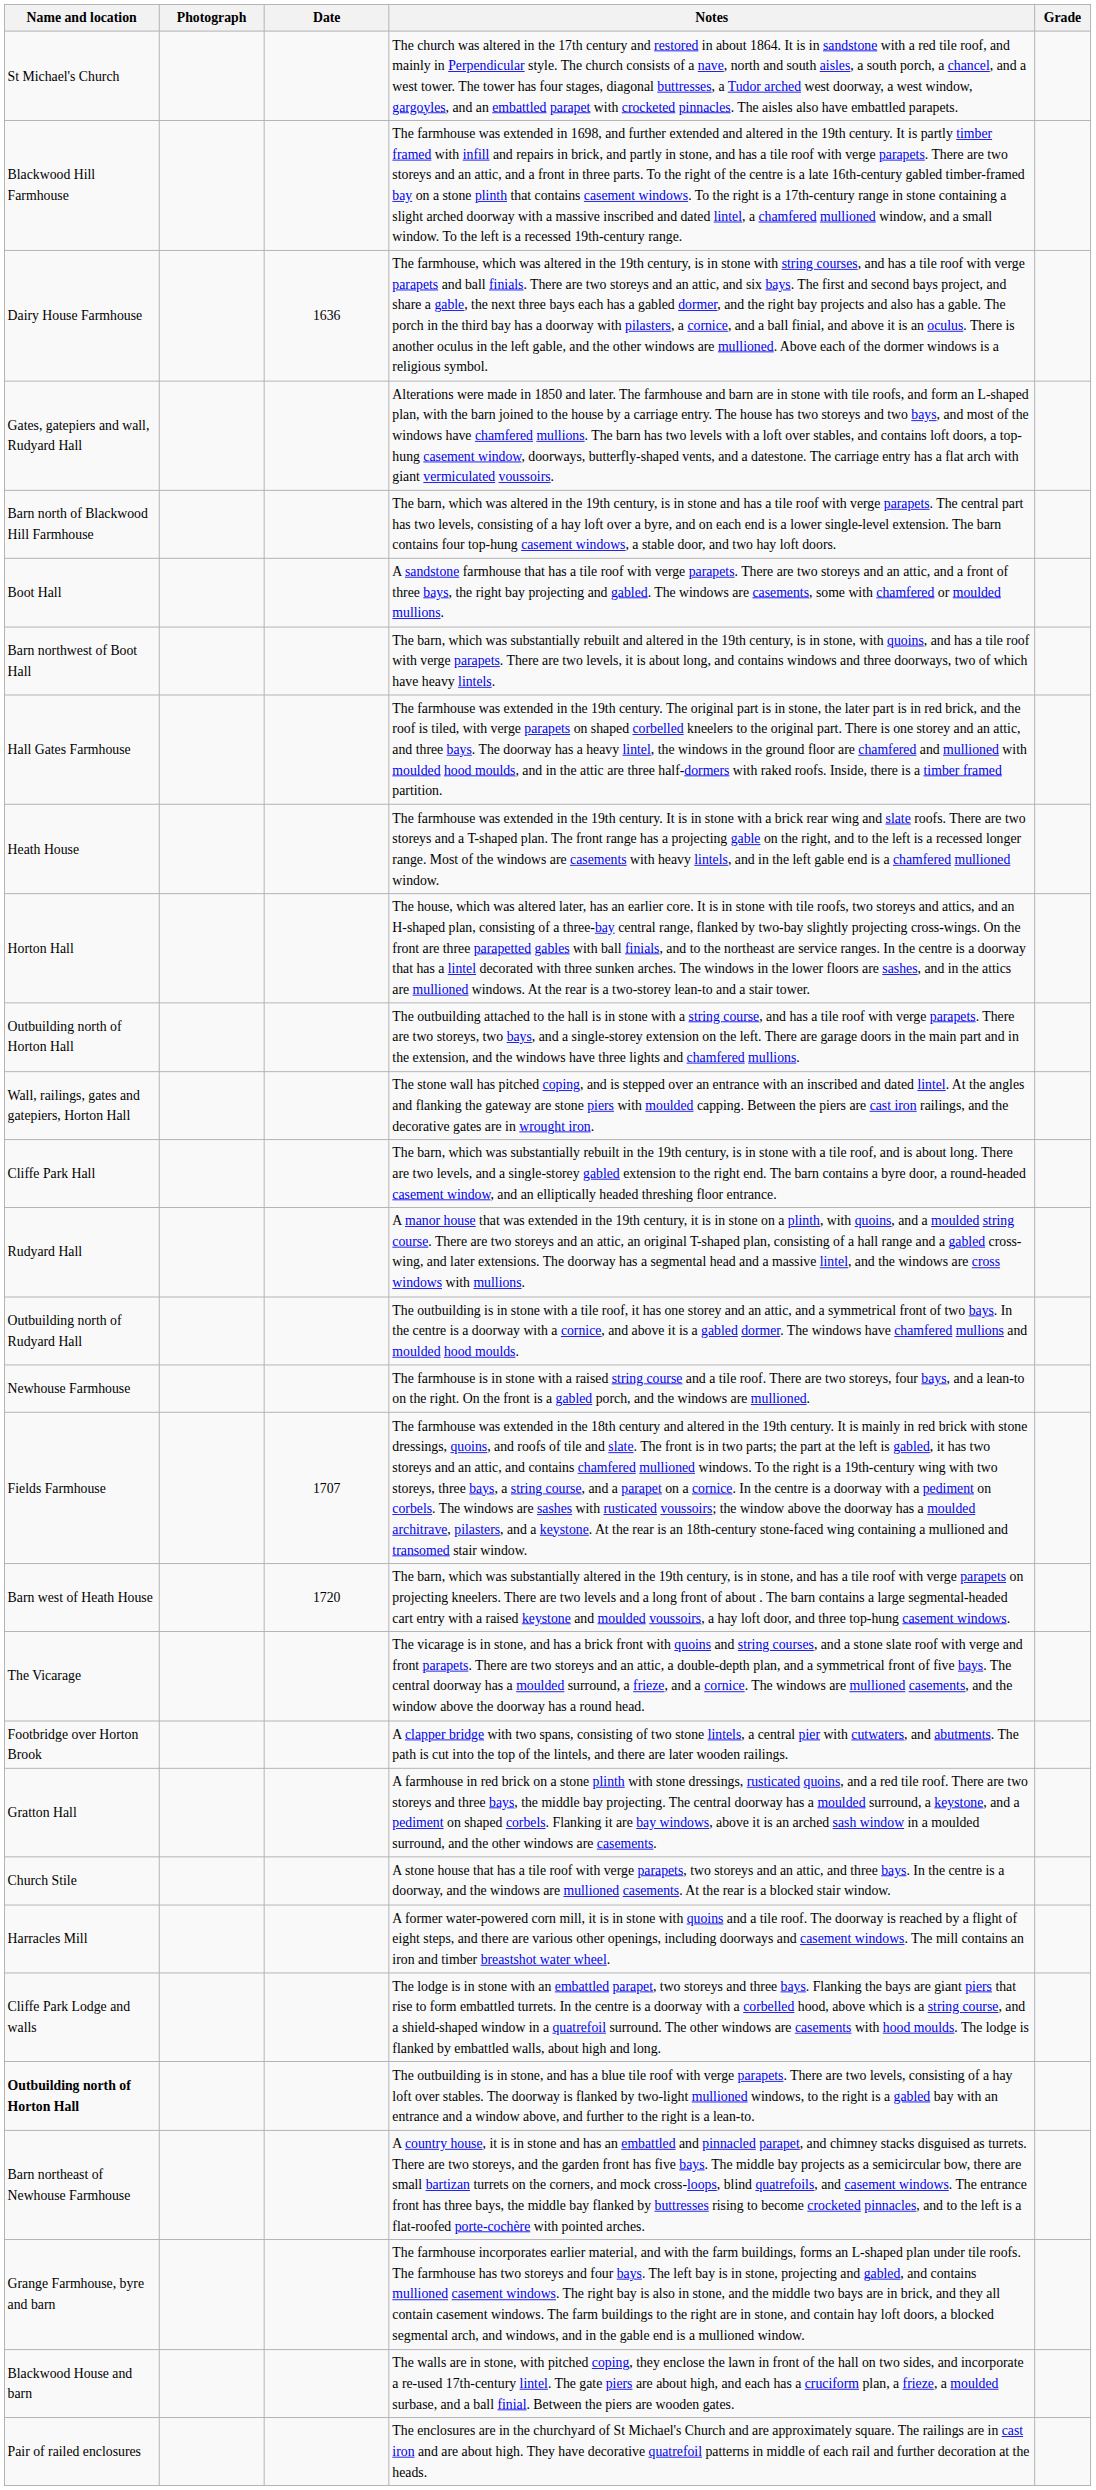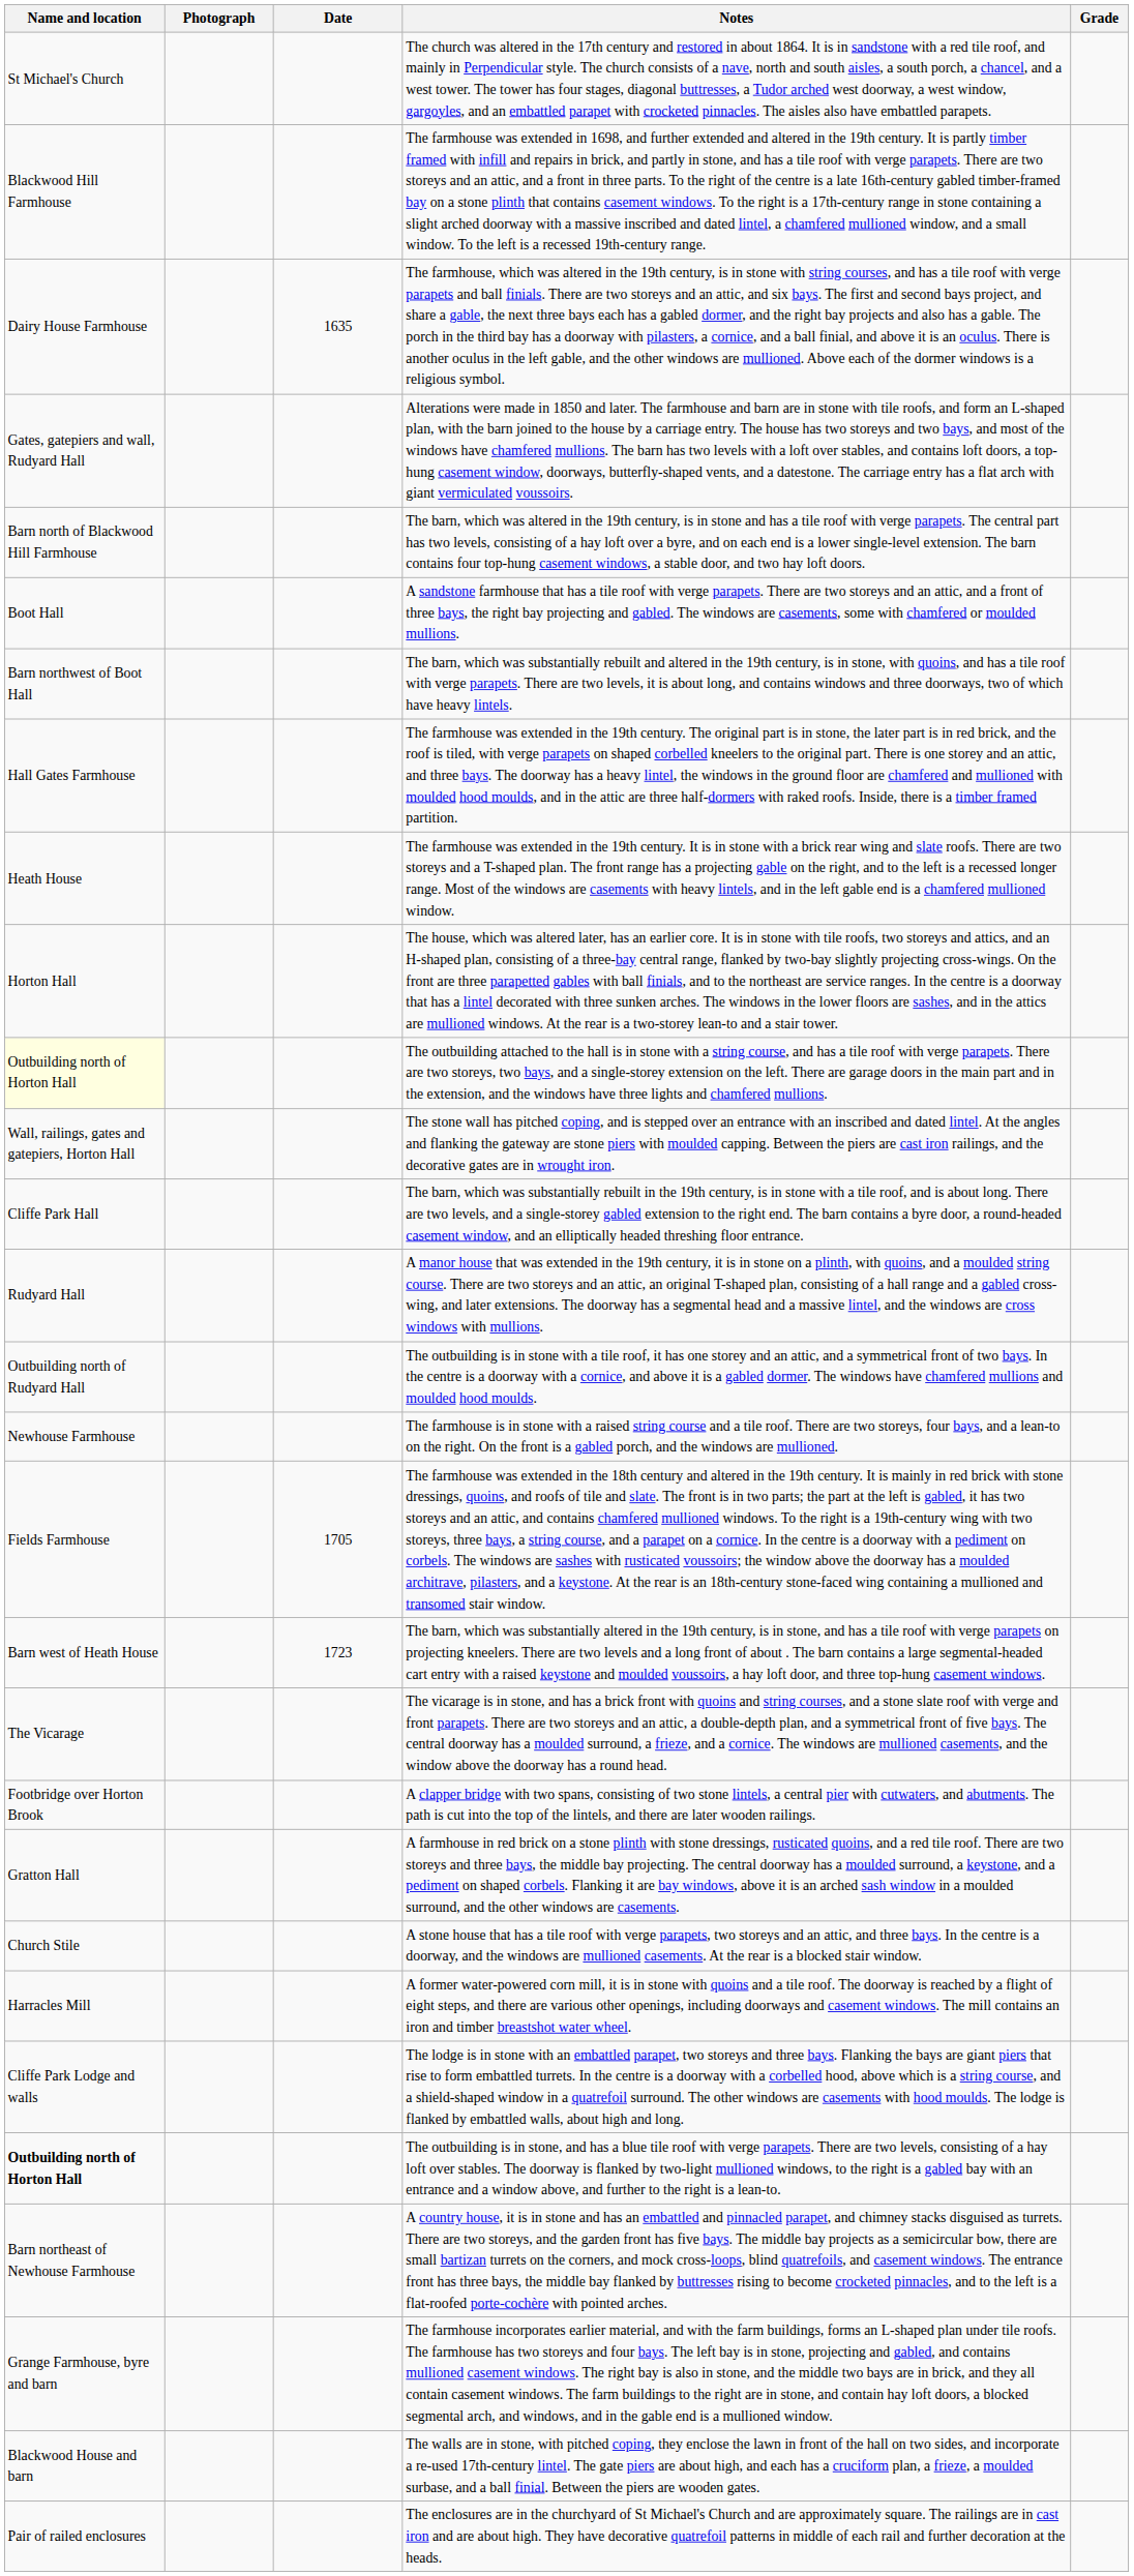 <table class="wikitable sortable plainrowheaders" style="width:100%; border:0; text-align:left; line-height:150%;">
 <tr>
 <th scope="col"  style="width:150px">Name and location</th>
 <th scope="col"  style="width:100px" class="unsortable">Photograph</th>
 <th scope="col"  style="width:120px">Date</th>
 <th scope="col"  style="width:650px" class="unsortable">Notes</th>
 <th scope="col"  style="width:50px">Grade</th>
 </tr>
 <tr>
 <td>St Michael's Church<br><small></small></td>
 <td></td>
 <td align="center"></td>
 <td>The church was altered in the 17th century and <a href='#'>restored</a> in about 1864.  It is in <a href='#'>sandstone</a> with a red tile roof, and mainly in <a href='#'>Perpendicular</a> style.  The church consists of a <a href='#'>nave</a>, north and south <a href='#'>aisles</a>, a south porch, a <a href='#'>chancel</a>, and a west tower.  The tower has four stages, diagonal <a href='#'>buttresses</a>, a <a href='#'>Tudor arched</a> west doorway, a west window, <a href='#'>gargoyles</a>, and an <a href='#'>embattled</a> <a href='#'>parapet</a> with <a href='#'>crocketed</a> <a href='#'>pinnacles</a>.  The aisles also have embattled parapets.</td>
 <td align="center" ></td>
 </tr>
 <tr>
 <td>Blackwood Hill Farmhouse<br><small></small></td>
 <td></td>
 <td align="center"></td>
 <td>The farmhouse was extended in 1698, and further extended and altered in the 19th century.  It is partly <a href='#'>timber framed</a> with <a href='#'>infill</a> and repairs in brick, and partly in stone, and has a tile roof with verge <a href='#'>parapets</a>.  There are two storeys and an attic, and a front in three parts.  To the right of the centre is a late 16th-century gabled timber-framed <a href='#'>bay</a> on a stone <a href='#'>plinth</a> that contains <a href='#'>casement windows</a>.  To the right is a 17th-century range in stone containing a slight arched doorway with a massive inscribed and dated <a href='#'>lintel</a>, a <a href='#'>chamfered</a> <a href='#'>mullioned</a> window, and a small window.  To the left is a recessed 19th-century range.</td>
 <td align="center" ></td>
 </tr>
 <tr>
 <td>Dairy House Farmhouse<br><small></small></td>
 <td></td>
-<td align="center">1636</td>
+<td align="center">1635</td>
 <td>The farmhouse, which was altered in the 19th century, is in stone with <a href='#'>string courses</a>, and has a tile roof with verge <a href='#'>parapets</a> and ball <a href='#'>finials</a>.  There are two storeys and an attic, and six <a href='#'>bays</a>.  The first and second bays project, and share a <a href='#'>gable</a>, the next three bays each has a gabled <a href='#'>dormer</a>, and the right bay projects and also has a gable.  The porch in the third bay has a doorway with <a href='#'>pilasters</a>, a <a href='#'>cornice</a>, and a ball finial, and above it is an <a href='#'>oculus</a>.  There is another oculus in the left gable, and the other windows are <a href='#'>mullioned</a>.  Above each of the dormer windows is a religious symbol.</td>
 <td align="center" ></td>
 </tr>
 <tr>
 <td>Gates, gatepiers and wall, Rudyard Hall<br><small></small></td>
 <td></td>
 <td align="center"></td>
 <td>Alterations were made in 1850 and later.  The farmhouse and barn are in stone with tile roofs, and form an L-shaped plan, with the barn joined to the house by a carriage entry.  The house has two storeys and two <a href='#'>bays</a>, and most of the windows have <a href='#'>chamfered</a> <a href='#'>mullions</a>.  The barn has two levels with a loft over stables, and contains loft doors, a top-hung <a href='#'>casement window</a>, doorways, butterfly-shaped vents, and a datestone.  The carriage entry has a flat arch with giant <a href='#'>vermiculated</a> <a href='#'>voussoirs</a>.</td>
 <td align="center" ></td>
 </tr>
 <tr>
 <td>Barn north of Blackwood Hill Farmhouse<br><small></small></td>
 <td></td>
 <td align="center"></td>
 <td>The barn, which was altered in the 19th century, is in stone and has a tile roof with verge <a href='#'>parapets</a>.  The central part has two levels, consisting of a hay loft over a byre, and on each end is a lower single-level extension.  The barn contains four top-hung <a href='#'>casement windows</a>, a stable door, and two hay loft doors.</td>
 <td align="center" ></td>
 </tr>
 <tr>
 <td>Boot Hall<br><small></small></td>
 <td></td>
 <td align="center"></td>
 <td>A <a href='#'>sandstone</a> farmhouse that has a tile roof with verge <a href='#'>parapets</a>.  There are two storeys and an attic, and a front of three <a href='#'>bays</a>, the right bay projecting and <a href='#'>gabled</a>.  The windows are <a href='#'>casements</a>, some with <a href='#'>chamfered</a> or <a href='#'>moulded</a> <a href='#'>mullions</a>.</td>
 <td align="center" ></td>
 </tr>
 <tr>
 <td>Barn northwest of Boot Hall<br><small></small></td>
 <td></td>
 <td align="center"></td>
 <td>The barn, which was substantially rebuilt and altered in the 19th century, is in stone, with <a href='#'>quoins</a>, and has a tile roof with verge <a href='#'>parapets</a>.  There are two levels, it is about  long, and contains windows and three doorways, two of which have heavy <a href='#'>lintels</a>.</td>
 <td align="center" ></td>
 </tr>
 <tr>
 <td>Hall Gates Farmhouse<br><small></small></td>
 <td></td>
 <td align="center"></td>
 <td>The farmhouse was extended in the 19th century.  The original part is in stone, the later part is in red brick, and the roof is tiled, with verge <a href='#'>parapets</a> on shaped <a href='#'>corbelled</a> kneelers to the original part.  There is one storey and an attic, and three <a href='#'>bays</a>.  The doorway has a heavy <a href='#'>lintel</a>, the windows in the ground floor are <a href='#'>chamfered</a> and <a href='#'>mullioned</a> with <a href='#'>moulded</a> <a href='#'>hood moulds</a>, and in the attic are three half-<a href='#'>dormers</a> with raked roofs.  Inside, there is a <a href='#'>timber framed</a> partition.</td>
 <td align="center" ></td>
 </tr>
 <tr>
 <td>Heath House<br><small></small></td>
 <td></td>
 <td align="center"></td>
 <td>The farmhouse was extended in the 19th century.  It is in stone with a brick rear wing and <a href='#'>slate</a> roofs.  There are two storeys and a T-shaped plan.  The front range has a projecting <a href='#'>gable</a> on the right, and to the left is a recessed longer range.  Most of the windows are <a href='#'>casements</a> with heavy <a href='#'>lintels</a>, and in the left gable end is a <a href='#'>chamfered</a> <a href='#'>mullioned</a> window.</td>
 <td align="center" ></td>
 </tr>
 <tr>
 <td>Horton Hall<br><small></small></td>
 <td></td>
 <td align="center"></td>
 <td>The house, which was altered later, has an earlier core.  It is in stone with tile roofs, two storeys and attics, and an H-shaped plan, consisting of a three-<a href='#'>bay</a> central range, flanked by two-bay slightly projecting cross-wings.  On the front are three <a href='#'>parapetted</a> <a href='#'>gables</a> with ball <a href='#'>finials</a>, and to the northeast are service ranges.  In the centre is a doorway that has a <a href='#'>lintel</a> decorated with three sunken arches.  The windows in the lower floors are <a href='#'>sashes</a>, and in the attics are <a href='#'>mullioned</a> windows.  At the rear is a two-storey lean-to and a stair tower.</td>
 <td align="center" ></td>
 </tr>
 <tr>
-<td>Outbuilding north of Horton Hall<br><small></small></td>
+<td style="background: lightyellow;">Outbuilding north of Horton Hall<br><small></small></td>
 <td></td>
 <td align="center"></td>
 <td>The outbuilding attached to the hall is in stone with a <a href='#'>string course</a>, and has a tile roof with verge <a href='#'>parapets</a>.  There are two storeys, two <a href='#'>bays</a>, and a single-storey extension on the left.  There are garage doors in the main part and in the extension, and the windows have three lights and <a href='#'>chamfered</a> <a href='#'>mullions</a>.</td>
 <td align="center" ></td>
 </tr>
 <tr>
 <td>Wall, railings, gates and gatepiers, Horton Hall<br><small></small></td>
 <td></td>
 <td align="center"></td>
 <td>The stone wall has pitched <a href='#'>coping</a>, and is stepped over an entrance with an inscribed and dated <a href='#'>lintel</a>.  At the angles and flanking the gateway are stone <a href='#'>piers</a> with <a href='#'>moulded</a> capping.  Between the piers are <a href='#'>cast iron</a> railings, and the decorative gates are in <a href='#'>wrought iron</a>.</td>
 <td align="center" ></td>
 </tr>
 <tr>
 <td>Cliffe Park Hall<br><small></small></td>
 <td></td>
 <td align="center"></td>
 <td>The barn, which was substantially rebuilt in the 19th century, is in stone with a tile roof, and is about  long.  There are two levels, and a single-storey <a href='#'>gabled</a> extension to the right end.  The barn contains a byre door, a round-headed <a href='#'>casement window</a>, and an elliptically headed threshing floor entrance.</td>
 <td align="center" ></td>
 </tr>
 <tr>
 <td>Rudyard Hall<br><small></small></td>
 <td></td>
 <td align="center"></td>
 <td>A <a href='#'>manor house</a> that was extended in the 19th century, it is in stone on a <a href='#'>plinth</a>, with <a href='#'>quoins</a>, and a <a href='#'>moulded</a> <a href='#'>string course</a>.  There are two storeys and an attic, an original T-shaped plan, consisting of a hall range and a <a href='#'>gabled</a> cross-wing, and later extensions.  The doorway has a segmental head and a massive <a href='#'>lintel</a>, and the windows are <a href='#'>cross windows</a> with <a href='#'>mullions</a>.</td>
 <td align="center" ></td>
 </tr>
 <tr>
 <td>Outbuilding north of Rudyard Hall<br><small></small></td>
 <td></td>
 <td align="center"></td>
 <td>The outbuilding is in stone with a tile roof, it has one storey and an attic, and a symmetrical front of two <a href='#'>bays</a>.  In the centre is a doorway with a <a href='#'>cornice</a>, and above it is a <a href='#'>gabled</a> <a href='#'>dormer</a>.  The windows have <a href='#'>chamfered</a> <a href='#'>mullions</a> and <a href='#'>moulded</a> <a href='#'>hood moulds</a>.</td>
 <td align="center" ></td>
 </tr>
 <tr>
 <td>Newhouse Farmhouse<br><small></small></td>
 <td></td>
 <td align="center"></td>
 <td>The farmhouse is in stone with a raised <a href='#'>string course</a> and a tile roof.  There are two storeys, four <a href='#'>bays</a>, and a lean-to on the right.  On the front is a <a href='#'>gabled</a> porch, and the windows are <a href='#'>mullioned</a>.</td>
 <td align="center" ></td>
 </tr>
 <tr>
 <td>Fields Farmhouse<br><small></small></td>
 <td></td>
-<td align="center">1707</td>
+<td align="center">1705</td>
 <td>The farmhouse was extended in the 18th century and altered in the 19th century.  It is mainly in red brick with stone dressings, <a href='#'>quoins</a>, and roofs of tile and <a href='#'>slate</a>.  The front is in two parts; the part at the left is <a href='#'>gabled</a>, it has two storeys and an attic, and contains <a href='#'>chamfered</a> <a href='#'>mullioned</a> windows.  To the right is a 19th-century wing with two storeys, three <a href='#'>bays</a>, a <a href='#'>string course</a>, and a <a href='#'>parapet</a> on a <a href='#'>cornice</a>.  In the centre is a doorway with a <a href='#'>pediment</a> on <a href='#'>corbels</a>.  The windows are <a href='#'>sashes</a> with <a href='#'>rusticated</a> <a href='#'>voussoirs</a>; the window above the doorway has a <a href='#'>moulded</a> <a href='#'>architrave</a>, <a href='#'>pilasters</a>, and a <a href='#'>keystone</a>.  At the rear is an 18th-century stone-faced wing containing a mullioned and <a href='#'>transomed</a> stair window.</td>
 <td align="center" ></td>
 </tr>
 <tr>
 <td>Barn west of Heath House<br><small></small></td>
 <td></td>
-<td align="center">1720</td>
+<td align="center">1723</td>
 <td>The barn, which was substantially altered in the 19th century, is in stone, and has a tile roof with verge <a href='#'>parapets</a> on projecting kneelers.  There are two levels and a long front of about .    The barn contains a large segmental-headed cart entry with a raised <a href='#'>keystone</a> and <a href='#'>moulded</a> <a href='#'>voussoirs</a>, a hay loft door, and three top-hung <a href='#'>casement windows</a>.</td>
 <td align="center" ></td>
 </tr>
 <tr>
 <td>The Vicarage<br><small></small></td>
 <td></td>
 <td align="center"></td>
 <td>The vicarage is in stone, and has a brick front with <a href='#'>quoins</a> and <a href='#'>string courses</a>, and a stone slate roof with verge and front <a href='#'>parapets</a>.  There are two storeys and an attic, a double-depth plan, and a symmetrical front of five <a href='#'>bays</a>.  The central doorway has a <a href='#'>moulded</a> surround, a <a href='#'>frieze</a>, and a <a href='#'>cornice</a>.  The windows are <a href='#'>mullioned</a> <a href='#'>casements</a>, and the window above the doorway has a round head.</td>
 <td align="center" ></td>
 </tr>
 <tr>
 <td>Footbridge over Horton Brook<br><small></small></td>
 <td></td>
 <td align="center"></td>
 <td>A <a href='#'>clapper bridge</a> with two spans, consisting of two stone <a href='#'>lintels</a>, a central <a href='#'>pier</a> with <a href='#'>cutwaters</a>, and <a href='#'>abutments</a>.  The path is cut into the top of the lintels, and there are later wooden railings.</td>
 <td align="center" ></td>
 </tr>
 <tr>
 <td>Gratton Hall<br><small></small></td>
 <td></td>
 <td align="center"></td>
 <td>A farmhouse in red brick on a stone <a href='#'>plinth</a> with stone dressings, <a href='#'>rusticated</a> <a href='#'>quoins</a>, and a red tile roof.  There are two storeys and three <a href='#'>bays</a>, the middle bay projecting.  The central doorway has a <a href='#'>moulded</a> surround, a <a href='#'>keystone</a>, and a <a href='#'>pediment</a> on shaped <a href='#'>corbels</a>.  Flanking it are <a href='#'>bay windows</a>, above it is an arched <a href='#'>sash window</a> in a moulded surround, and the other windows are <a href='#'>casements</a>.</td>
 <td align="center" ></td>
 </tr>
 <tr>
 <td>Church Stile<br><small></small></td>
 <td></td>
 <td align="center"></td>
 <td>A stone house that has a tile roof with verge <a href='#'>parapets</a>, two storeys and an attic, and three <a href='#'>bays</a>.  In the centre is a doorway, and the windows are <a href='#'>mullioned</a> <a href='#'>casements</a>.  At the rear is a blocked stair window.</td>
 <td align="center" ></td>
 </tr>
 <tr>
 <td>Harracles Mill<br><small></small></td>
 <td></td>
 <td align="center"></td>
 <td>A former water-powered corn mill, it is in stone with <a href='#'>quoins</a> and a tile roof.  The doorway is reached by a flight of eight steps, and there are various other openings, including doorways and <a href='#'>casement windows</a>.  The mill contains an iron and timber <a href='#'>breastshot water wheel</a>.</td>
 <td align="center" ></td>
 </tr>
 <tr>
 <td>Cliffe Park Lodge and walls<br><small></small></td>
 <td></td>
 <td align="center"></td>
 <td>The lodge is in stone with an <a href='#'>embattled</a> <a href='#'>parapet</a>, two storeys and three <a href='#'>bays</a>.  Flanking the bays are giant <a href='#'>piers</a> that rise to form embattled turrets.  In the centre is a doorway with a <a href='#'>corbelled</a> hood, above which is a <a href='#'>string course</a>, and a shield-shaped window in a <a href='#'>quatrefoil</a> surround.  The other windows are <a href='#'>casements</a> with <a href='#'>hood moulds</a>.  The lodge is flanked by embattled walls, about  high and  long.</td>
 <td align="center" ></td>
 </tr>
 <tr>
 <td><strong>Outbuilding north of Horton Hall<br><small></small></strong></td>
 <td></td>
 <td align="center"></td>
 <td>The outbuilding is in stone, and has a blue tile roof with verge <a href='#'>parapets</a>.  There are two levels, consisting of a hay loft over stables.  The doorway is flanked by two-light <a href='#'>mullioned</a> windows, to the right is a <a href='#'>gabled</a> bay with an entrance and a window above, and further to the right is a lean-to.</td>
 <td align="center" ></td>
 </tr>
 <tr>
 <td>Barn northeast of Newhouse Farmhouse<br><small></small></td>
 <td></td>
 <td align="center"></td>
 <td>A <a href='#'>country house</a>, it is in stone and has an <a href='#'>embattled</a> and <a href='#'>pinnacled</a> <a href='#'>parapet</a>, and chimney stacks disguised as turrets.  There are two storeys, and the garden front has five <a href='#'>bays</a>.  The middle bay projects as a semicircular bow, there are small <a href='#'>bartizan</a> turrets on the corners, and mock cross-<a href='#'>loops</a>, blind <a href='#'>quatrefoils</a>, and <a href='#'>casement windows</a>.  The entrance front has three bays, the middle bay flanked by <a href='#'>buttresses</a> rising to become <a href='#'>crocketed</a> <a href='#'>pinnacles</a>, and to the left is a flat-roofed <a href='#'>porte-cochère</a> with pointed arches.</td>
 <td align="center" ></td>
 </tr>
 <tr>
 <td>Grange Farmhouse, byre and barn<br><small></small></td>
 <td></td>
 <td align="center"></td>
 <td>The farmhouse incorporates earlier material, and with the farm buildings, forms an L-shaped plan under tile roofs.  The farmhouse has two storeys and four <a href='#'>bays</a>.  The left bay is in stone, projecting and <a href='#'>gabled</a>, and contains <a href='#'>mullioned</a> <a href='#'>casement windows</a>.  The right bay is also in stone, and the middle two bays are in brick, and they all contain casement windows.  The farm buildings to the right are in stone, and contain hay loft doors, a blocked segmental arch, and windows, and in the gable end is a mullioned window.</td>
 <td align="center" ></td>
 </tr>
 <tr>
 <td>Blackwood House and barn<br><small></small></td>
 <td></td>
 <td align="center"></td>
 <td>The walls are in stone, with pitched <a href='#'>coping</a>, they enclose the lawn in front of the hall on two sides, and incorporate a re-used 17th-century <a href='#'>lintel</a>.  The gate <a href='#'>piers</a> are about  high, and each has a <a href='#'>cruciform</a> plan, a <a href='#'>frieze</a>, a <a href='#'>moulded</a> surbase, and a ball <a href='#'>finial</a>.  Between the piers are wooden gates.</td>
 <td align="center" ></td>
 </tr>
 <tr>
 <td>Pair of railed enclosures<br><small></small></td>
 <td></td>
 <td align="center"></td>
 <td>The enclosures are in the churchyard of St Michael's Church and are approximately square.  The railings are in <a href='#'>cast iron</a> and are about  high.  They have decorative <a href='#'>quatrefoil</a> patterns in middle of each rail and further decoration at the heads.</td>
 <td align="center" ></td>
 </tr>
 <tr>
 </tr>
 </table>
